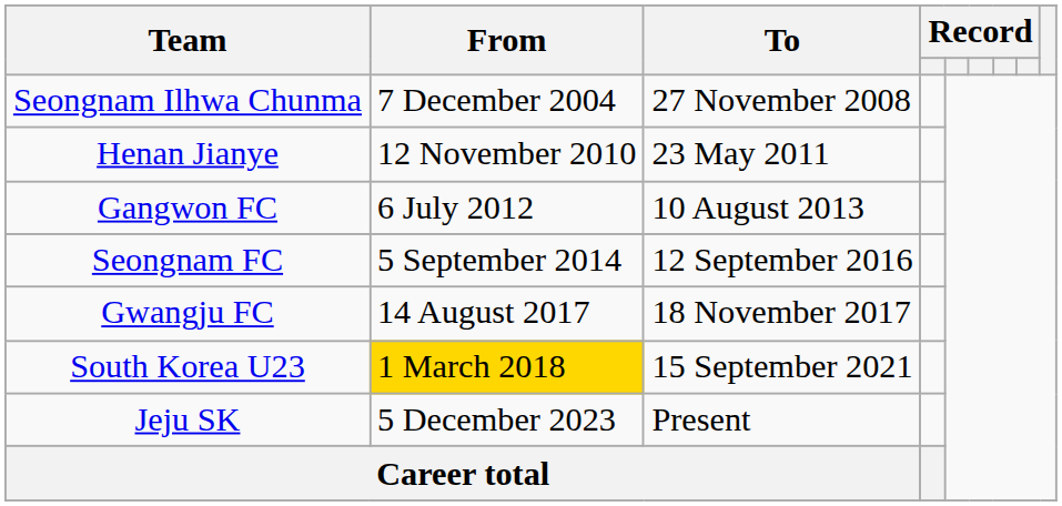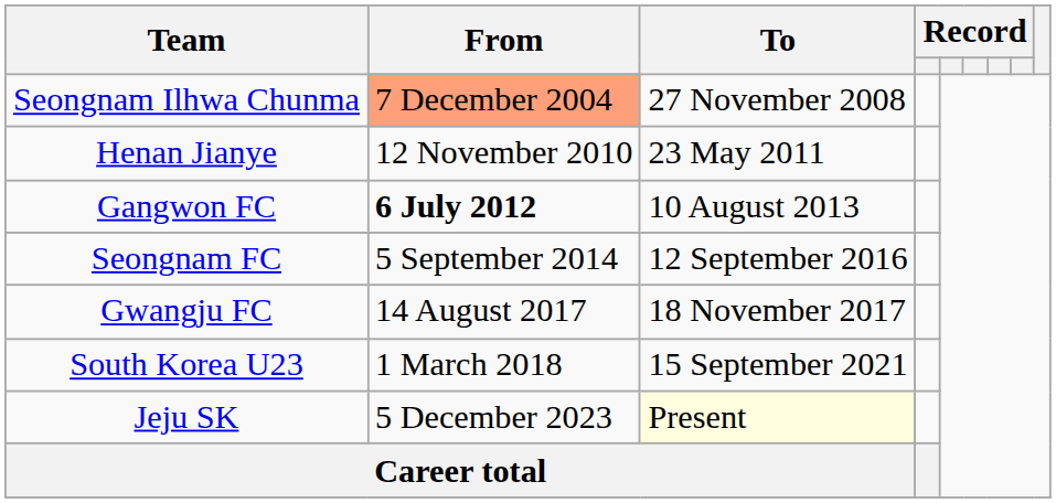 <table class="wikitable" style="text-align:center;">
 <tr>
 <th rowspan=2>Team</th>
 <th rowspan=2>From</th>
 <th rowspan=2>To</th>
 <th colspan=5>Record</th>
 <th rowspan=2></th>
 </tr>
 <tr>
 <th></th>
 <th></th>
 <th></th>
 <th></th>
 <th></th>
 </tr>
 <tr>
 <td><a href='#'>Seongnam Ilhwa Chunma</a></td>
-<td align=left>7 December 2004</td>
+<td align=left style="background: lightsalmon;">7 December 2004</td>
 <td align=left>27 November 2008<br></td>
 <td></td>
 </tr>
 <tr>
 <td><a href='#'>Henan Jianye</a></td>
 <td align=left>12 November 2010</td>
 <td align=left>23 May 2011<br></td>
 <td></td>
 </tr>
 <tr>
 <td><a href='#'>Gangwon FC</a></td>
-<td align=left>6 July 2012</td>
+<td align=left><strong>6 July 2012</strong></td>
 <td align=left>10 August 2013<br></td>
 <td></td>
 </tr>
 <tr>
 <td><a href='#'>Seongnam FC</a></td>
 <td align=left>5 September 2014</td>
 <td align=left>12 September 2016<br></td>
 <td></td>
 </tr>
 <tr>
 <td><a href='#'>Gwangju FC</a></td>
 <td align=left>14 August 2017</td>
 <td align=left>18 November 2017<br></td>
 <td></td>
 </tr>
 <tr>
 <td><a href='#'>South Korea U23</a></td>
-<td align=left style="background: gold;">1 March 2018</td>
+<td align=left>1 March 2018</td>
 <td align=left>15 September 2021<br></td>
 <td></td>
 </tr>
 <tr>
 <td><a href='#'>Jeju SK</a></td>
 <td align=left>5 December 2023</td>
-<td align=left>Present<br></td>
+<td align=left style="background: lightyellow;">Present<br></td>
 <td></td>
 </tr>
 <tr>
 <th colspan=3>Career total<br></th>
 <th></th>
 </tr>
 </table>
